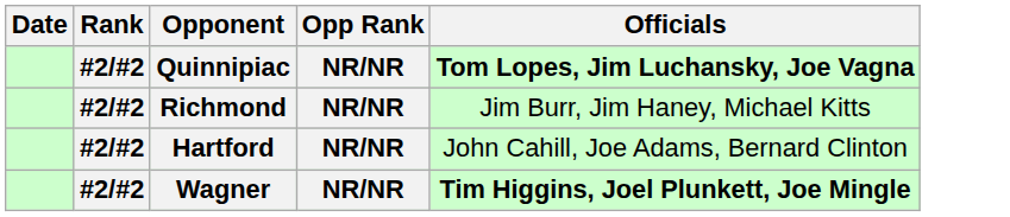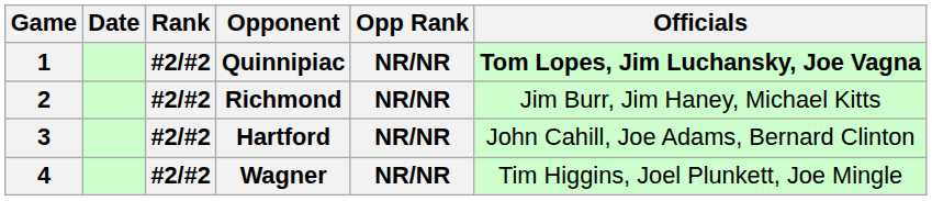 <table class="wikitable">
 <tr>
+<th>Game</th>
 <th>Date</th>
 <th>Rank</th>
 <th>Opponent</th>
 <th>Opp Rank</th>
 <th>Officials</th>
 </tr>
 <tr align="center" bgcolor="#ccffcc">
+<th>1</th>
 <td></td>
 <th>#2/#2</th>
 <th>Quinnipiac</th>
 <th>NR/NR</th>
 <td><strong>Tom Lopes, Jim Luchansky, Joe Vagna</strong></td>
 </tr>
 <tr align="center" bgcolor="#ccffcc">
+<th>2</th>
 <td></td>
 <th>#2/#2</th>
 <th>Richmond</th>
 <th>NR/NR</th>
 <td>Jim Burr, Jim Haney, Michael Kitts</td>
 </tr>
 <tr align="center" bgcolor="#ccffcc">
+<th>3</th>
 <td></td>
 <th>#2/#2</th>
 <th>Hartford</th>
 <th>NR/NR</th>
 <td>John Cahill, Joe Adams, Bernard Clinton</td>
 </tr>
 <tr align="center" bgcolor="#ccffcc">
+<th>4</th>
 <td></td>
 <th>#2/#2</th>
 <th>Wagner</th>
 <th>NR/NR</th>
-<td><strong>Tim Higgins, Joel Plunkett, Joe Mingle</strong></td>
+<td>Tim Higgins, Joel Plunkett, Joe Mingle</td>
 </tr>
 </table>
